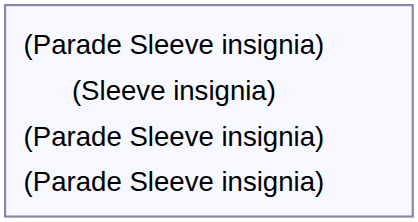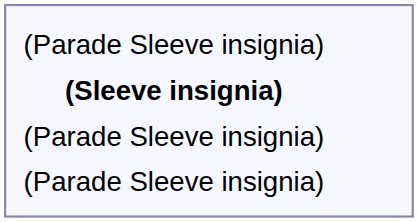 <table style="border:1px solid #8888aa; background-color:#f7f8ff; padding:5px; font-size:95%; margin: 0px 12px 12px 0px;">
 <tr style="text-align:center;">
 <td rowspan=1><small>(Parade Sleeve insignia)</small></td>
 <td colspan=6></td>
 <td colspan=4></td>
 <td colspan=6></td>
 <td colspan=6></td>
 <td colspan=4></td>
 <td colspan=2></td>
 <td colspan=6></td>
 <td colspan=2><br> </td>
 </tr>
 <tr style="text-align:center;">
-<td rowspan=1><small>(Sleeve insignia)</small></td>
+<td rowspan=1><strong><small>(Sleeve insignia)</small></strong></td>
 <td colspan=6></td>
 <td colspan=4></td>
 <td colspan=6></td>
 <td colspan=6></td>
 <td colspan=4></td>
 <td colspan=2></td>
 <td colspan=6 rowspan=2></td>
 <td colspan=2></td>
 </tr>
 <tr style="text-align:center;">
 <td rowspan=1><small>(Parade Sleeve insignia)</small></td>
 <td colspan=6></td>
 <td colspan=4></td>
 <td colspan=6></td>
 <td colspan=6></td>
 <td colspan=4></td>
 <td colspan=2></td>
 <td colspan=2><br> </td>
 </tr>
 <tr style="text-align:center;">
 <td rowspan=1><small>(Parade Sleeve insignia)</small></td>
 <td colspan=10></td>
 <td colspan=6></td>
 <td colspan=6></td>
 <td colspan=4></td>
 <td colspan=2></td>
 <td colspan=6></td>
 <td colspan=2><br></td>
 </tr>
 </table>
